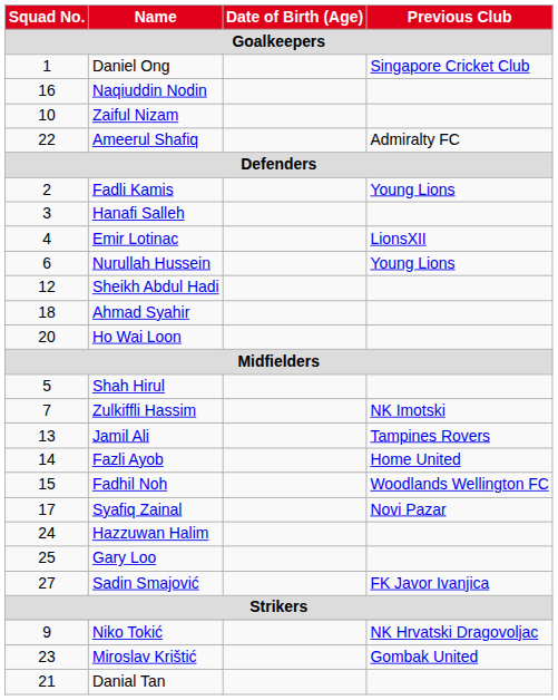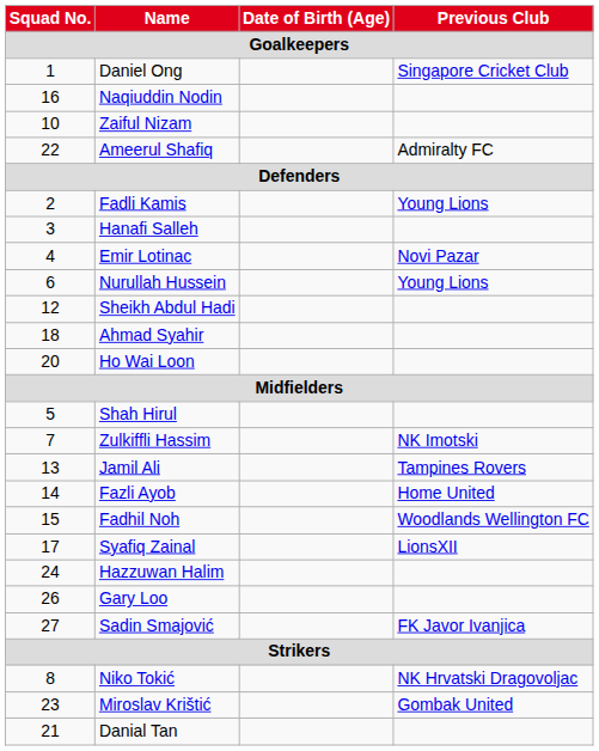 <table class="wikitable"  font-size:85%; width:80%;">
 <tr>
 <th style="background:#e1001a; color:white; text-align:center;">Squad No.</th>
 <th style="background:#e1001a; color:white; text-align:center;">Name</th>
 <th style="background:#e1001a; color:white; text-align:center;">Date of Birth (Age)</th>
 <th style="background:#e1001a; color:white; text-align:center;">Previous Club</th>
 </tr>
 <tr>
 <th colspan="6" style="background:#dcdcdc; text-align:center">Goalkeepers</th>
 </tr>
 <tr>
 <td style="text-align:center;">1</td>
 <td>Daniel Ong</td>
 <td style="text-align:center;"></td>
 <td><a href='#'>Singapore Cricket Club</a></td>
 </tr>
 <tr>
 <td style="text-align:center;">16</td>
 <td><a href='#'>Naqiuddin Nodin</a></td>
 <td style="text-align:center;"></td>
 <td></td>
 </tr>
 <tr>
 <td style="text-align:center;">10</td>
 <td><a href='#'>Zaiful Nizam</a></td>
 <td style="text-align:center;"></td>
 <td></td>
 </tr>
 <tr>
 <td style="text-align:center;">22</td>
 <td><a href='#'>Ameerul Shafiq</a></td>
 <td style="text-align:center;"></td>
 <td>Admiralty FC</td>
 </tr>
 <tr>
 <th colspan="6" style="background:#dcdcdc; text-align:center">Defenders</th>
 </tr>
 <tr>
 <td style="text-align:center;">2</td>
 <td><a href='#'>Fadli Kamis</a></td>
 <td style="text-align:center;"></td>
 <td> <a href='#'>Young Lions</a></td>
 </tr>
 <tr>
 <td style="text-align:center;">3</td>
 <td><a href='#'>Hanafi Salleh</a></td>
 <td style="text-align:center;"></td>
 <td></td>
 </tr>
 <tr>
 <td style="text-align:center;">4</td>
 <td> <a href='#'>Emir Lotinac</a></td>
 <td style="text-align:center;"></td>
-<td><a href='#'>LionsXII</a></td>
+<td> <a href='#'>Novi Pazar</a></td>
 </tr>
 <tr>
 <td style="text-align:center;">6</td>
 <td><a href='#'>Nurullah Hussein</a></td>
 <td style="text-align:center;"></td>
 <td> <a href='#'>Young Lions</a></td>
 </tr>
 <tr>
 <td style="text-align:center;">12</td>
 <td><a href='#'>Sheikh Abdul Hadi</a></td>
 <td style="text-align:center;"></td>
 <td></td>
 </tr>
 <tr>
 <td style="text-align:center;">18</td>
 <td><a href='#'>Ahmad Syahir</a></td>
 <td style="text-align:center;"></td>
 <td></td>
 </tr>
 <tr>
 <td style="text-align:center;">20</td>
 <td><a href='#'>Ho Wai Loon</a></td>
 <td style="text-align:center;"></td>
 <td></td>
 </tr>
 <tr>
 <th colspan="6" style="background:#dcdcdc; text-align:center">Midfielders</th>
 </tr>
 <tr>
 <td style="text-align:center;">5</td>
 <td><a href='#'>Shah Hirul</a></td>
 <td style="text-align:center;"></td>
 <td></td>
 </tr>
 <tr>
 <td style="text-align:center;">7</td>
 <td><a href='#'>Zulkiffli Hassim</a></td>
 <td style="text-align:center;"></td>
 <td> <a href='#'>NK Imotski</a></td>
 </tr>
 <tr>
 <td style="text-align:center;">13</td>
 <td><a href='#'>Jamil Ali</a></td>
 <td style="text-align:center;"></td>
 <td><a href='#'>Tampines Rovers</a></td>
 </tr>
 <tr>
 <td style="text-align:center;">14</td>
 <td><a href='#'>Fazli Ayob</a></td>
 <td style="text-align:center;"></td>
 <td><a href='#'>Home United</a></td>
 </tr>
 <tr>
 <td style="text-align:center;">15</td>
 <td><a href='#'>Fadhil Noh</a></td>
 <td style="text-align:center;"></td>
 <td><a href='#'>Woodlands Wellington FC</a></td>
 </tr>
 <tr>
 <td style="text-align:center;">17</td>
 <td><a href='#'>Syafiq Zainal</a></td>
 <td style="text-align:center;"></td>
-<td> <a href='#'>Novi Pazar</a></td>
+<td><a href='#'>LionsXII</a></td>
 </tr>
 <tr>
 <td style="text-align:center;">24</td>
 <td><a href='#'>Hazzuwan Halim</a></td>
 <td style="text-align:center;"></td>
 <td></td>
 </tr>
 <tr>
-<td style="text-align:center;">25</td>
+<td style="text-align:center;">26</td>
 <td><a href='#'>Gary Loo</a></td>
 <td style="text-align:center;"></td>
 <td></td>
 </tr>
 <tr>
 <td style="text-align:center;">27</td>
 <td> <a href='#'>Sadin Smajović</a></td>
 <td style="text-align:center;"></td>
 <td> <a href='#'>FK Javor Ivanjica</a></td>
 </tr>
 <tr>
 <th colspan="6" style="background:#dcdcdc; text-align:center">Strikers</th>
 </tr>
 <tr>
-<td style="text-align:center;">9</td>
+<td style="text-align:center;">8</td>
 <td> <a href='#'>Niko Tokić</a></td>
 <td style="text-align:center;"></td>
 <td> <a href='#'>NK Hrvatski Dragovoljac</a></td>
 </tr>
 <tr>
 <td style="text-align:center;">23</td>
 <td> <a href='#'>Miroslav Krištić</a></td>
 <td style="text-align:center;"></td>
 <td><a href='#'>Gombak United</a></td>
 </tr>
 <tr>
 <td style="text-align:center;">21</td>
 <td>Danial Tan</td>
 <td style="text-align:center;"></td>
 <td></td>
 </tr>
 </table>
